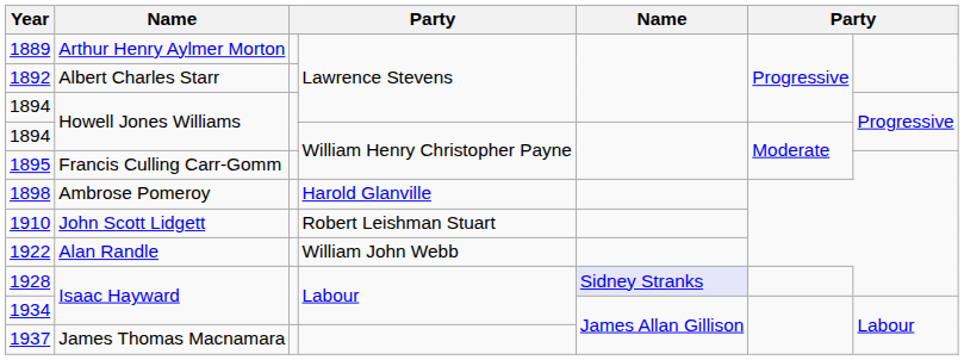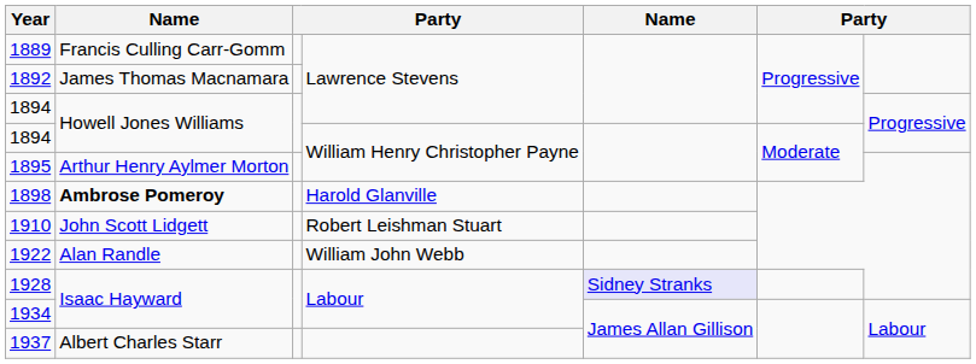 <table class="wikitable">
 <tr>
 <th>Year</th>
 <th>Name</th>
 <th colspan=2>Party</th>
 <th>Name</th>
 <th colspan=2>Party</th>
 </tr>
 <tr>
 <td><a href='#'>1889</a></td>
-<td><a href='#'>Arthur Henry Aylmer Morton</a></td>
+<td>Francis Culling Carr-Gomm</td>
 <td></td>
 <td rowspan=3>Lawrence Stevens</td>
 <td rowspan=3 style="background-color: "></td>
 <td rowspan=3><a href='#'>Progressive</a></td>
 </tr>
 <tr>
 <td><a href='#'>1892</a></td>
-<td>Albert Charles Starr</td>
+<td>James Thomas Macnamara</td>
 <td></td>
 </tr>
 <tr>
 <td>1894</td>
 <td rowspan=2>Howell Jones Williams</td>
 <td rowspan=2 style="background-color: "></td>
 <td rowspan=2><a href='#'>Progressive</a></td>
 </tr>
 <tr>
 <td>1894</td>
 <td rowspan=2>William Henry Christopher Payne</td>
 <td rowspan=2 style="background-color: "></td>
 <td rowspan=2><a href='#'>Moderate</a></td>
 </tr>
 <tr>
 <td><a href='#'>1895</a></td>
-<td>Francis Culling Carr-Gomm</td>
+<td><a href='#'>Arthur Henry Aylmer Morton</a></td>
 <td></td>
 </tr>
 <tr>
 <td><a href='#'>1898</a></td>
-<td>Ambrose Pomeroy</td>
+<td><strong>Ambrose Pomeroy</strong></td>
 <td></td>
 <td><a href='#'>Harold Glanville</a></td>
 <td></td>
 </tr>
 <tr>
 <td><a href='#'>1910</a></td>
 <td><a href='#'>John Scott Lidgett</a></td>
 <td></td>
 <td>Robert Leishman Stuart</td>
 <td></td>
 </tr>
 <tr>
 <td><a href='#'>1922</a></td>
 <td><a href='#'>Alan Randle</a></td>
 <td></td>
 <td>William John Webb</td>
 <td></td>
 </tr>
 <tr>
 <td><a href='#'>1928</a></td>
 <td rowspan=2><a href='#'>Isaac Hayward</a></td>
 <td rowspan=2 style="background-color: "></td>
 <td rowspan=2><a href='#'>Labour</a></td>
 <td style="background: lavender;"><a href='#'>Sidney Stranks</a></td>
 <td></td>
 </tr>
 <tr>
 <td><a href='#'>1934</a></td>
 <td rowspan=2><a href='#'>James Allan Gillison</a></td>
 <td rowspan=2 style="background-color: "></td>
 <td rowspan=2><a href='#'>Labour</a></td>
 </tr>
 <tr>
 <td><a href='#'>1937</a></td>
-<td>James Thomas Macnamara</td>
+<td>Albert Charles Starr</td>
 <td></td>
 </tr>
 </table>
